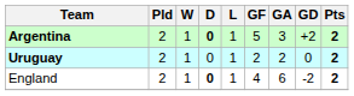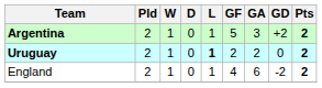 <table class="wikitable" style="text-align: center;">
 <tr>
 <th width=165>Team</th>
 <th width=20>Pld</th>
 <th width=20>W</th>
 <th width=20>D</th>
 <th width=20>L</th>
 <th width=20>GF</th>
 <th width=20>GA</th>
 <th width=20>GD</th>
 <th width=20>Pts</th>
 </tr>
 <tr bgcolor=#ccffcc>
 <td align=left> <strong>Argentina</strong></td>
 <td>2</td>
 <td>1</td>
-<td><strong>0</strong></td>
+<td>0</td>
 <td>1</td>
 <td>5</td>
 <td>3</td>
 <td>+2</td>
 <td><strong>2</strong></td>
 </tr>
 <tr bgcolor=#ccffff>
 <td align=left> <strong>Uruguay</strong></td>
 <td>2</td>
 <td>1</td>
 <td>0</td>
-<td>1</td>
+<td><strong>1</strong></td>
 <td>2</td>
 <td>2</td>
 <td>0</td>
 <td><strong>2</strong></td>
 </tr>
 <tr bgcolor=#ffffff>
 <td align=left> England</td>
 <td>2</td>
 <td>1</td>
-<td><strong>0</strong></td>
+<td>0</td>
 <td>1</td>
 <td>4</td>
 <td>6</td>
 <td>-2</td>
 <td><strong>2</strong></td>
 </tr>
 <tr>
 </tr>
 </table>
